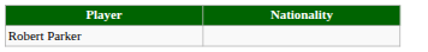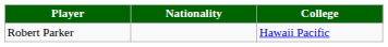 <table class="wikitable sortable sortable">
 <tr>
 <th width="20%" style="background:#006401; color:#FFFFFF; ">Player</th>
 <th width="20%" style="background:#006401; color:#FFFFFF; ">Nationality</th>
+<th width="20%" style="background:#006401; color:#FFFFFF; ">College</th>
 </tr>
 <tr>
 <td>Robert Parker</td>
 <td align="center"></td>
+<td><a href='#'>Hawaii Pacific</a></td>
 </tr>
 </table>
